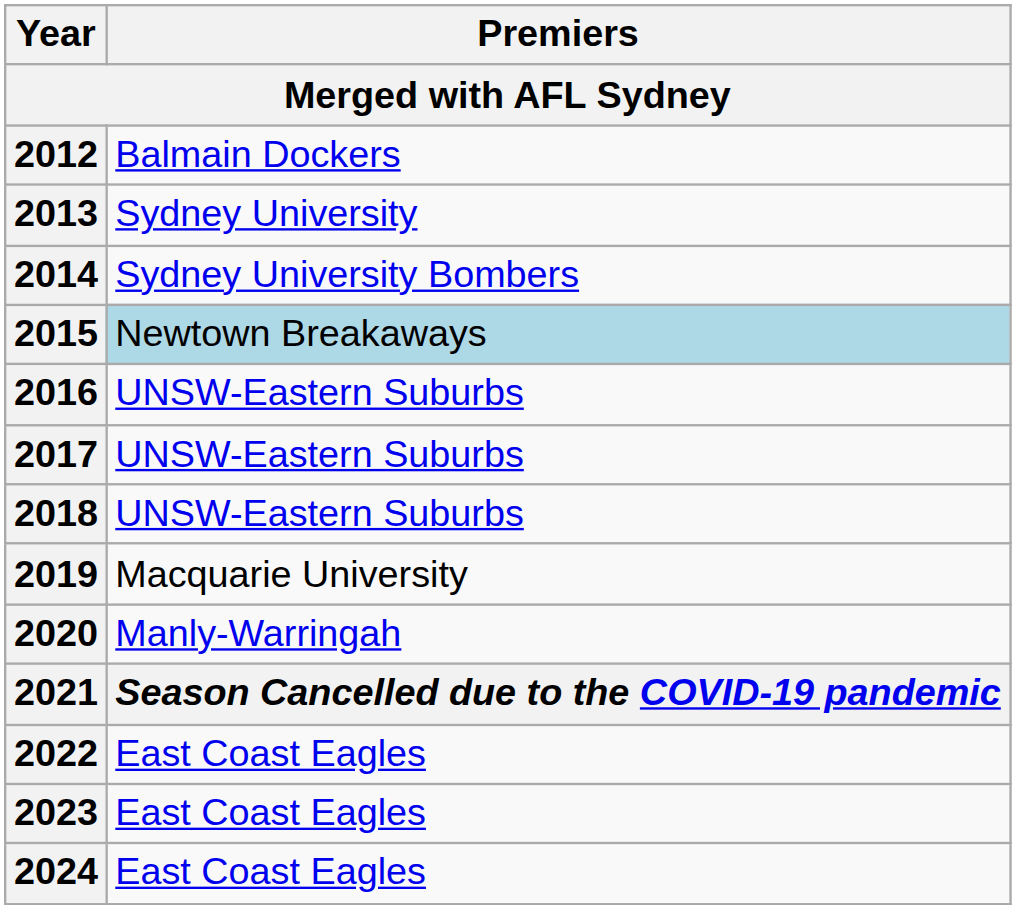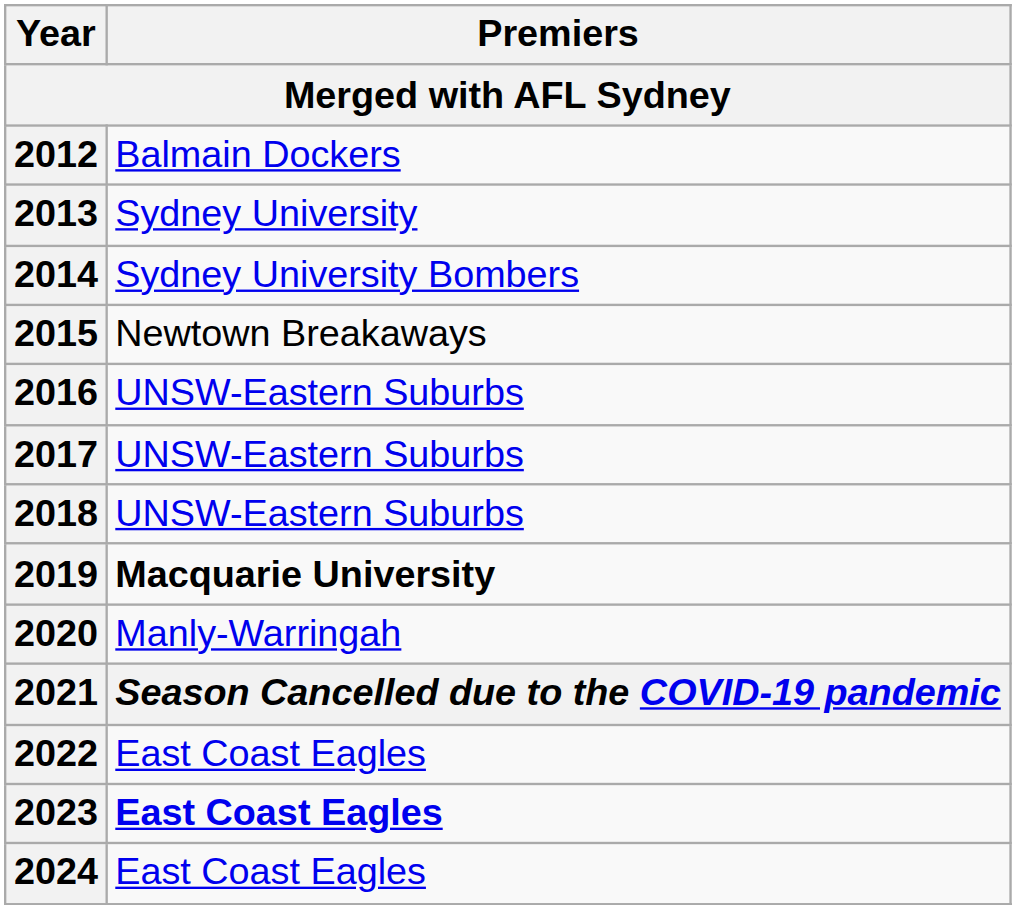 <table class="wikitable mw-collapsible">
 <tr>
 <th>Year</th>
 <th>Premiers</th>
 </tr>
 <tr>
 <th colspan="2">Merged with AFL Sydney</th>
 </tr>
 <tr>
 <th>2012</th>
 <td><a href='#'>Balmain Dockers</a></td>
 </tr>
 <tr>
 <th>2013</th>
 <td><a href='#'>Sydney University</a></td>
 </tr>
 <tr>
 <th>2014</th>
 <td><a href='#'>Sydney University Bombers</a></td>
 </tr>
 <tr>
 <th>2015</th>
-<td style="background: lightblue;">Newtown Breakaways</td>
+<td>Newtown Breakaways</td>
 </tr>
 <tr>
 <th>2016</th>
 <td><a href='#'>UNSW-Eastern Suburbs</a></td>
 </tr>
 <tr>
 <th>2017</th>
 <td><a href='#'>UNSW-Eastern Suburbs</a></td>
 </tr>
 <tr>
 <th>2018</th>
 <td><a href='#'>UNSW-Eastern Suburbs</a></td>
 </tr>
 <tr>
 <th>2019</th>
-<td>Macquarie University</td>
+<td><strong>Macquarie University</strong></td>
 </tr>
 <tr>
 <th>2020</th>
 <td><a href='#'>Manly-Warringah</a></td>
 </tr>
 <tr>
 <th>2021</th>
 <th><em>Season Cancelled due to the <a href='#'>COVID-19 pandemic</a></em></th>
 </tr>
 <tr>
 <th>2022</th>
 <td><a href='#'>East Coast Eagles</a></td>
 </tr>
 <tr>
 <th>2023</th>
-<td><a href='#'>East Coast Eagles</a></td>
+<td><strong><a href='#'>East Coast Eagles</a></strong></td>
 </tr>
 <tr>
 <th>2024</th>
 <td><a href='#'>East Coast Eagles</a></td>
 </tr>
 <tr>
 </tr>
 </table>
